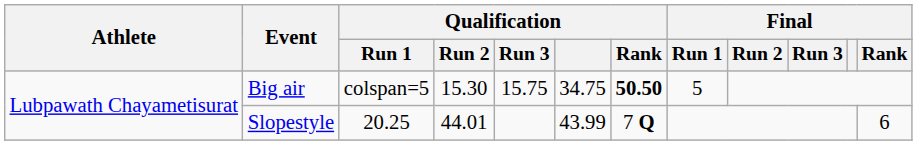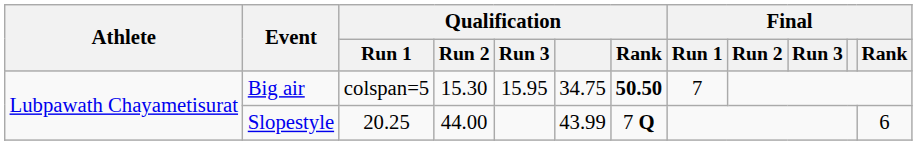 <table class=wikitable style=font-size:90%>
 <tr>
 <th rowspan=2>Athlete</th>
 <th rowspan=2>Event</th>
 <th colspan=5>Qualification</th>
 <th colspan=5>Final</th>
 </tr>
 <tr style=font-size:95%>
 <th>Run 1</th>
 <th>Run 2</th>
 <th>Run 3</th>
 <th></th>
 <th>Rank</th>
 <th>Run 1</th>
 <th>Run 2</th>
 <th>Run 3</th>
 <th></th>
 <th>Rank</th>
 </tr>
 <tr align=center>
 <td align=left rowspan=2><a href='#'>Lubpawath Chayametisurat</a></td>
 <td align=left><a href='#'>Big air</a></td>
 <td>colspan=5 </td>
 <td>15.30</td>
-<td>15.75</td>
+<td>15.95</td>
 <td>34.75</td>
 <td><strong>50.50</strong></td>
-<td>5</td>
+<td>7</td>
 </tr>
 <tr align=center>
 <td align=left><a href='#'>Slopestyle</a></td>
 <td>20.25</td>
-<td>44.01</td>
+<td>44.00</td>
 <td></td>
 <td>43.99</td>
 <td>7 <strong>Q</strong></td>
 <td colspan=4></td>
 <td>6</td>
 </tr>
 </table>
